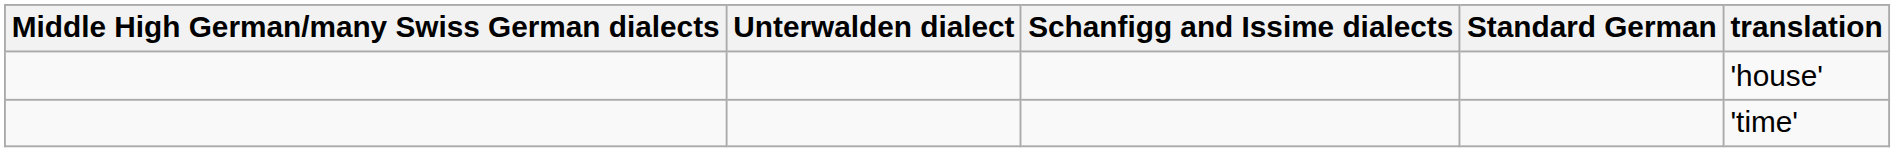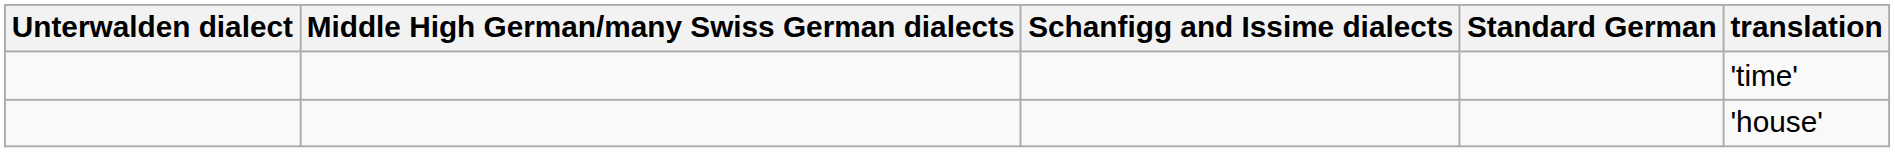 <table class="wikitable">
 <tr>
+<th>Unterwalden dialect</th>
 <th>Middle High German/many Swiss German dialects</th>
-<th>Unterwalden dialect</th>
 <th>Schanfigg and Issime dialects</th>
 <th>Standard German</th>
 <th>translation</th>
 </tr>
 <tr>
 <td></td>
 <td></td>
 <td></td>
 <td></td>
-<td>'house'</td>
+<td>'time'</td>
 </tr>
 <tr>
 <td></td>
 <td></td>
 <td></td>
 <td></td>
-<td>'time'</td>
+<td>'house'</td>
 </tr>
 </table>
